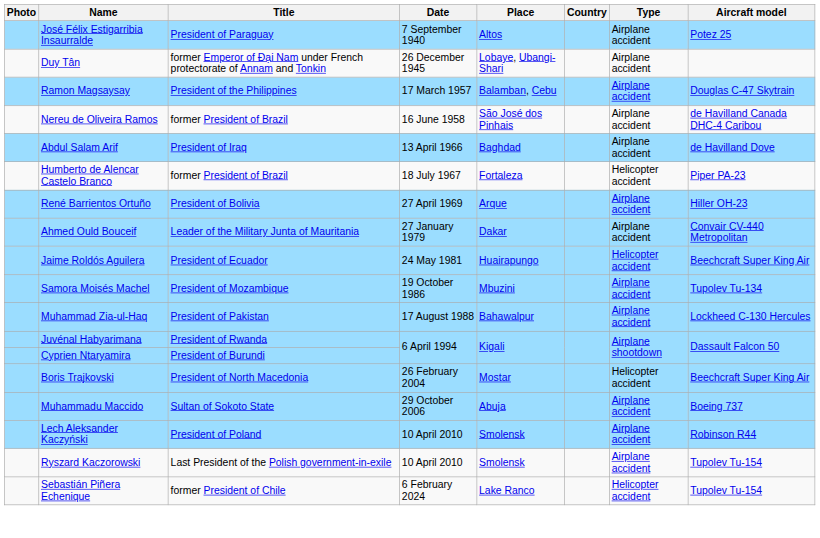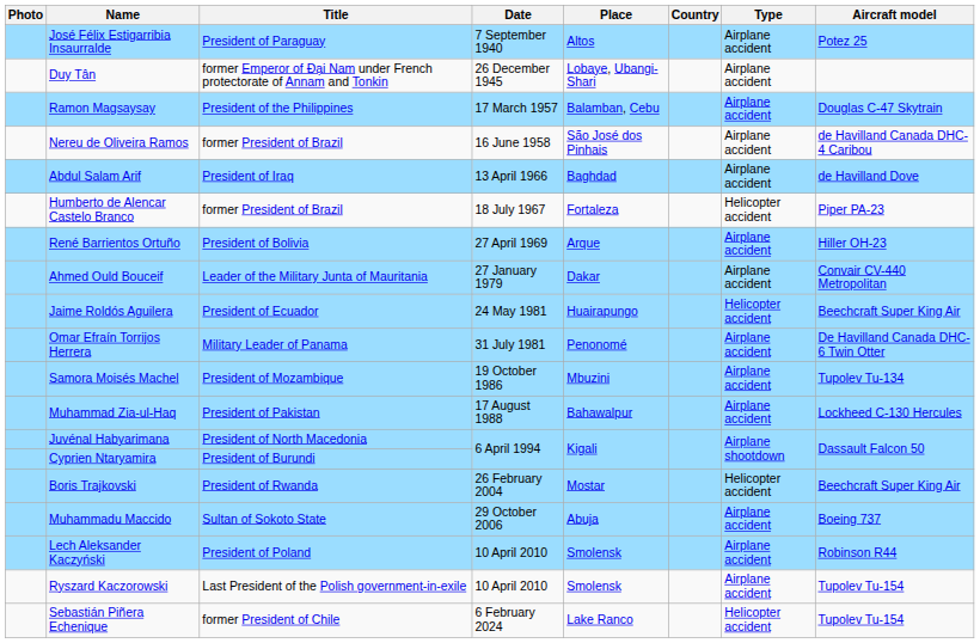 <table class="wikitable sortable sticky-header">
 <tr>
 <th>Photo</th>
 <th>Name</th>
 <th>Title</th>
 <th>Date</th>
 <th>Place</th>
 <th>Country</th>
 <th>Type</th>
 <th>Aircraft model</th>
 </tr>
 <tr style="background-color: #9BDDFF">
 <td align="center"></td>
 <td><a href='#'>José Félix Estigarribia Insaurralde</a></td>
 <td> <a href='#'>President of Paraguay</a></td>
 <td>7 September 1940</td>
 <td><a href='#'>Altos</a></td>
 <td></td>
 <td>Airplane accident</td>
 <td><a href='#'>Potez 25</a></td>
 </tr>
 <tr>
 <td align="center"></td>
 <td><a href='#'>Duy Tân</a></td>
 <td>former <a href='#'>Emperor of Đại Nam</a> under French protectorate of <a href='#'>Annam</a> and <a href='#'>Tonkin</a></td>
 <td>26 December 1945</td>
 <td><a href='#'>Lobaye</a>, <a href='#'>Ubangi-Shari</a></td>
 <td></td>
 <td>Airplane accident</td>
 <td></td>
 </tr>
 <tr style="background-color: #9BDDFF">
 <td align="center"></td>
 <td><a href='#'>Ramon Magsaysay</a></td>
 <td> <a href='#'>President of the Philippines</a></td>
 <td>17 March 1957</td>
 <td><a href='#'>Balamban</a>, <a href='#'>Cebu</a></td>
 <td></td>
 <td><a href='#'>Airplane accident</a></td>
 <td><a href='#'>Douglas C-47 Skytrain</a></td>
 </tr>
 <tr>
 <td align="center"></td>
 <td><a href='#'>Nereu de Oliveira Ramos</a></td>
 <td> former <a href='#'>President of Brazil</a></td>
 <td>16 June 1958</td>
 <td><a href='#'>São José dos Pinhais</a></td>
 <td></td>
 <td>Airplane accident</td>
 <td><a href='#'>de Havilland Canada DHC-4 Caribou</a></td>
 </tr>
 <tr style="background-color: #9BDDFF">
 <td align="center"></td>
 <td><a href='#'>Abdul Salam Arif</a></td>
 <td> <a href='#'>President of Iraq</a></td>
 <td>13 April 1966</td>
 <td><a href='#'>Baghdad</a></td>
 <td></td>
 <td>Airplane accident</td>
 <td><a href='#'>de Havilland Dove</a></td>
 </tr>
 <tr>
 <td align="center"></td>
 <td><a href='#'>Humberto de Alencar Castelo Branco</a></td>
 <td> former <a href='#'>President of Brazil</a></td>
 <td>18 July 1967</td>
 <td><a href='#'>Fortaleza</a></td>
 <td></td>
 <td>Helicopter accident</td>
 <td><a href='#'>Piper PA-23</a></td>
 </tr>
 <tr style="background-color: #9BDDFF">
 <td align="center"></td>
 <td><a href='#'>René Barrientos Ortuño</a></td>
 <td> <a href='#'>President of Bolivia</a></td>
 <td>27 April 1969</td>
 <td><a href='#'>Arque</a></td>
 <td></td>
 <td><a href='#'>Airplane accident</a></td>
 <td><a href='#'>Hiller OH-23</a></td>
 </tr>
 <tr style="background-color: #9BDDFF">
 <td align="center"></td>
 <td><a href='#'>Ahmed Ould Bouceif</a></td>
 <td> <a href='#'>Leader of the Military Junta of Mauritania</a></td>
 <td>27 January 1979</td>
 <td><a href='#'>Dakar</a></td>
 <td></td>
 <td>Airplane accident</td>
 <td><a href='#'>Convair CV-440 Metropolitan</a></td>
 </tr>
 <tr style="background-color: #9BDDFF">
 <td align="center"></td>
 <td><a href='#'>Jaime Roldós Aguilera</a></td>
 <td> <a href='#'>President of Ecuador</a></td>
 <td>24 May 1981</td>
 <td><a href='#'>Huairapungo</a></td>
 <td></td>
 <td><a href='#'>Helicopter accident</a></td>
 <td><a href='#'>Beechcraft Super King Air</a></td>
 </tr>
 <tr style="background-color: #9BDDFF">
 <td align="center"></td>
+<td><a href='#'>Omar Efraín Torrijos Herrera</a></td>
+<td> <a href='#'>Military Leader of Panama</a></td>
+<td>31 July 1981</td>
+<td><a href='#'>Penonomé</a></td>
+<td></td>
+<td><a href='#'>Airplane accident</a></td>
+<td><a href='#'>De Havilland Canada DHC-6 Twin Otter</a></td>
+</tr>
+<tr style="background-color: #9BDDFF">
+<td align="center"></td>
 <td><a href='#'>Samora Moisés Machel</a></td>
 <td> <a href='#'>President of Mozambique</a></td>
 <td>19 October 1986</td>
 <td><a href='#'>Mbuzini</a></td>
 <td></td>
 <td><a href='#'>Airplane accident</a></td>
 <td><a href='#'>Tupolev Tu-134</a></td>
 </tr>
 <tr style="background-color: #9BDDFF">
 <td align="center"></td>
 <td><a href='#'>Muhammad Zia-ul-Haq</a></td>
 <td> <a href='#'>President of Pakistan</a></td>
 <td>17 August 1988</td>
 <td><a href='#'>Bahawalpur</a></td>
 <td></td>
 <td><a href='#'>Airplane accident</a></td>
 <td><a href='#'>Lockheed C-130 Hercules</a></td>
 </tr>
 <tr style="background-color: #9BDDFF">
 <td align="center"></td>
 <td><a href='#'>Juvénal Habyarimana</a></td>
-<td> <a href='#'>President of Rwanda</a></td>
+<td> <a href='#'>President of North Macedonia</a></td>
 <td rowspan=2>6 April 1994</td>
 <td rowspan=2><a href='#'>Kigali</a></td>
 <td rowspan=2></td>
 <td rowspan=2><a href='#'>Airplane shootdown</a></td>
 <td rowspan=2><a href='#'>Dassault Falcon 50</a></td>
 </tr>
 <tr style="background-color: #9BDDFF">
 <td align="center"></td>
 <td><a href='#'>Cyprien Ntaryamira</a></td>
 <td> <a href='#'>President of Burundi</a></td>
 </tr>
 <tr style="background-color: #9BDDFF">
 <td align="center"></td>
 <td><a href='#'>Boris Trajkovski</a></td>
-<td> <a href='#'>President of North Macedonia</a></td>
+<td> <a href='#'>President of Rwanda</a></td>
 <td>26 February 2004</td>
 <td><a href='#'>Mostar</a></td>
 <td></td>
 <td>Helicopter accident</td>
 <td><a href='#'>Beechcraft Super King Air</a></td>
 </tr>
 <tr style="background-color: #9BDDFF">
 <td align="center"></td>
 <td><a href='#'>Muhammadu Maccido</a></td>
 <td><a href='#'>Sultan of Sokoto State</a></td>
 <td>29 October 2006</td>
 <td><a href='#'>Abuja</a></td>
 <td></td>
 <td><a href='#'>Airplane accident</a></td>
 <td><a href='#'>Boeing 737</a></td>
 </tr>
 <tr style="background-color: #9BDDFF">
 <td align="center"></td>
 <td><a href='#'>Lech Aleksander Kaczyński</a></td>
 <td> <a href='#'>President of Poland</a></td>
 <td>10 April 2010</td>
 <td><a href='#'>Smolensk</a></td>
 <td></td>
 <td><a href='#'>Airplane accident</a></td>
 <td><a href='#'>Robinson R44</a></td>
 </tr>
 <tr>
 <td align="center"></td>
 <td><a href='#'>Ryszard Kaczorowski</a></td>
 <td> Last President of the <a href='#'>Polish government-in-exile</a></td>
 <td>10 April 2010</td>
 <td><a href='#'>Smolensk</a></td>
 <td></td>
 <td><a href='#'>Airplane accident</a></td>
 <td><a href='#'>Tupolev Tu-154</a></td>
 </tr>
 <tr>
 <td align="center"></td>
 <td><a href='#'>Sebastián Piñera Echenique</a></td>
 <td> former <a href='#'>President of Chile</a></td>
 <td>6 February 2024</td>
 <td><a href='#'>Lake Ranco</a></td>
 <td></td>
 <td><a href='#'>Helicopter accident</a></td>
 <td><a href='#'>Tupolev Tu-154</a></td>
 </tr>
 </table>
